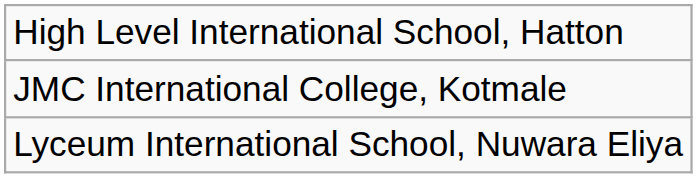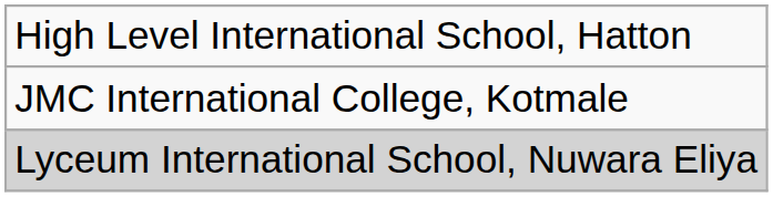 <table class="wikitable">
 <tr>
 <td>High Level International School, Hatton</td>
 </tr>
 <tr>
 <td>JMC International College, Kotmale</td>
 </tr>
 <tr>
-<td>Lyceum International School, Nuwara Eliya</td>
+<td style="background: lightgrey;">Lyceum International School, Nuwara Eliya</td>
 </tr>
 </table>
